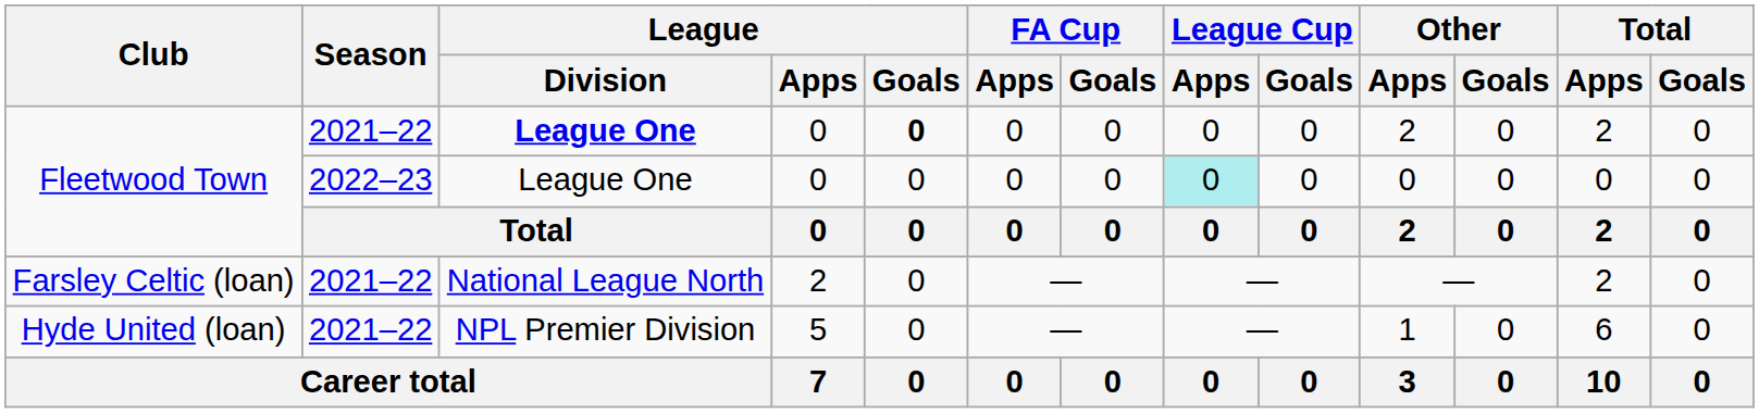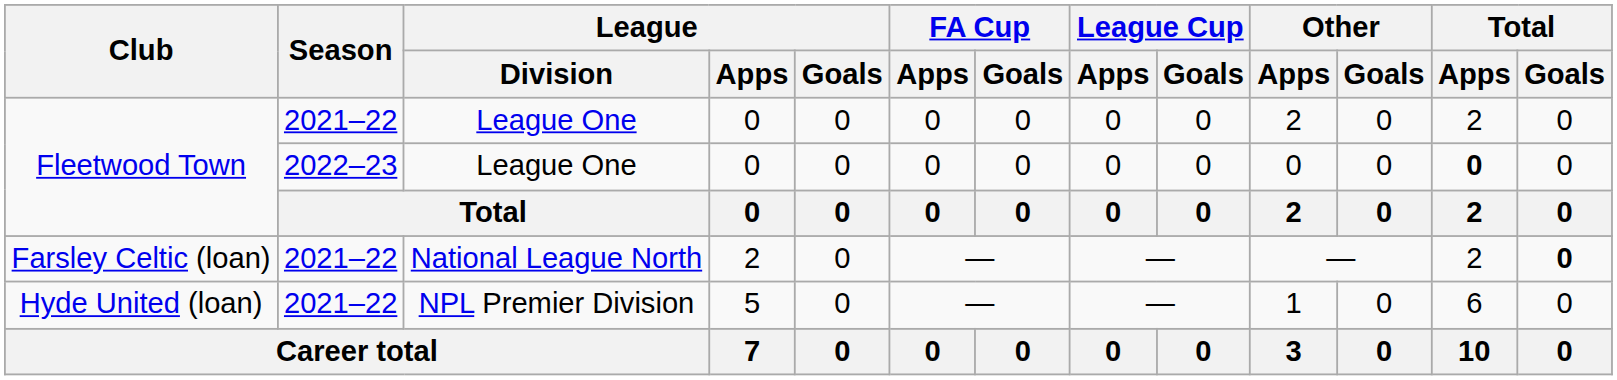 <table class=wikitable style="text-align: center;">
 <tr>
 <th rowspan=2>Club</th>
 <th rowspan=2>Season</th>
 <th colspan=3>League</th>
 <th colspan=2><a href='#'>FA Cup</a></th>
 <th colspan=2><a href='#'>League Cup</a></th>
 <th colspan=2>Other</th>
 <th colspan=2>Total</th>
 </tr>
 <tr>
 <th>Division</th>
 <th>Apps</th>
 <th>Goals</th>
 <th>Apps</th>
 <th>Goals</th>
 <th>Apps</th>
 <th>Goals</th>
 <th>Apps</th>
 <th>Goals</th>
 <th>Apps</th>
 <th>Goals</th>
 </tr>
 <tr>
 <td rowspan=3><a href='#'>Fleetwood Town</a></td>
 <td><a href='#'>2021–22</a></td>
-<td><strong><a href='#'>League One</a></strong></td>
+<td><a href='#'>League One</a></td>
 <td>0</td>
-<td><strong>0</strong></td>
+<td>0</td>
 <td>0</td>
 <td>0</td>
 <td>0</td>
 <td>0</td>
 <td>2</td>
 <td>0</td>
 <td>2</td>
 <td>0</td>
 </tr>
 <tr>
 <td><a href='#'>2022–23</a></td>
 <td>League One</td>
 <td>0</td>
 <td>0</td>
 <td>0</td>
 <td>0</td>
-<td style="background: paleturquoise;">0</td>
 <td>0</td>
 <td>0</td>
 <td>0</td>
 <td>0</td>
+<td><strong>0</strong></td>
 <td>0</td>
 </tr>
 <tr>
 <th colspan=2>Total</th>
 <th>0</th>
 <th>0</th>
 <th>0</th>
 <th>0</th>
 <th>0</th>
 <th>0</th>
 <th>2</th>
 <th>0</th>
 <th>2</th>
 <th>0</th>
 </tr>
 <tr>
 <td><a href='#'>Farsley Celtic</a> (loan)</td>
 <td><a href='#'>2021–22</a></td>
 <td><a href='#'>National League North</a></td>
 <td>2</td>
 <td>0</td>
 <td colspan=2>—</td>
 <td colspan=2>—</td>
 <td colspan=2>—</td>
 <td>2</td>
-<td>0</td>
+<td><strong>0</strong></td>
 </tr>
 <tr>
 <td><a href='#'>Hyde United</a> (loan)</td>
 <td><a href='#'>2021–22</a></td>
 <td><a href='#'>NPL</a> Premier Division</td>
 <td>5</td>
 <td>0</td>
 <td colspan="2">—</td>
 <td colspan="2">—</td>
 <td>1</td>
 <td>0</td>
 <td>6</td>
 <td>0</td>
 </tr>
 <tr>
 <th colspan=3>Career total</th>
 <th>7</th>
 <th>0</th>
 <th>0</th>
 <th>0</th>
 <th>0</th>
 <th>0</th>
 <th>3</th>
 <th>0</th>
 <th>10</th>
 <th>0</th>
 </tr>
 </table>
